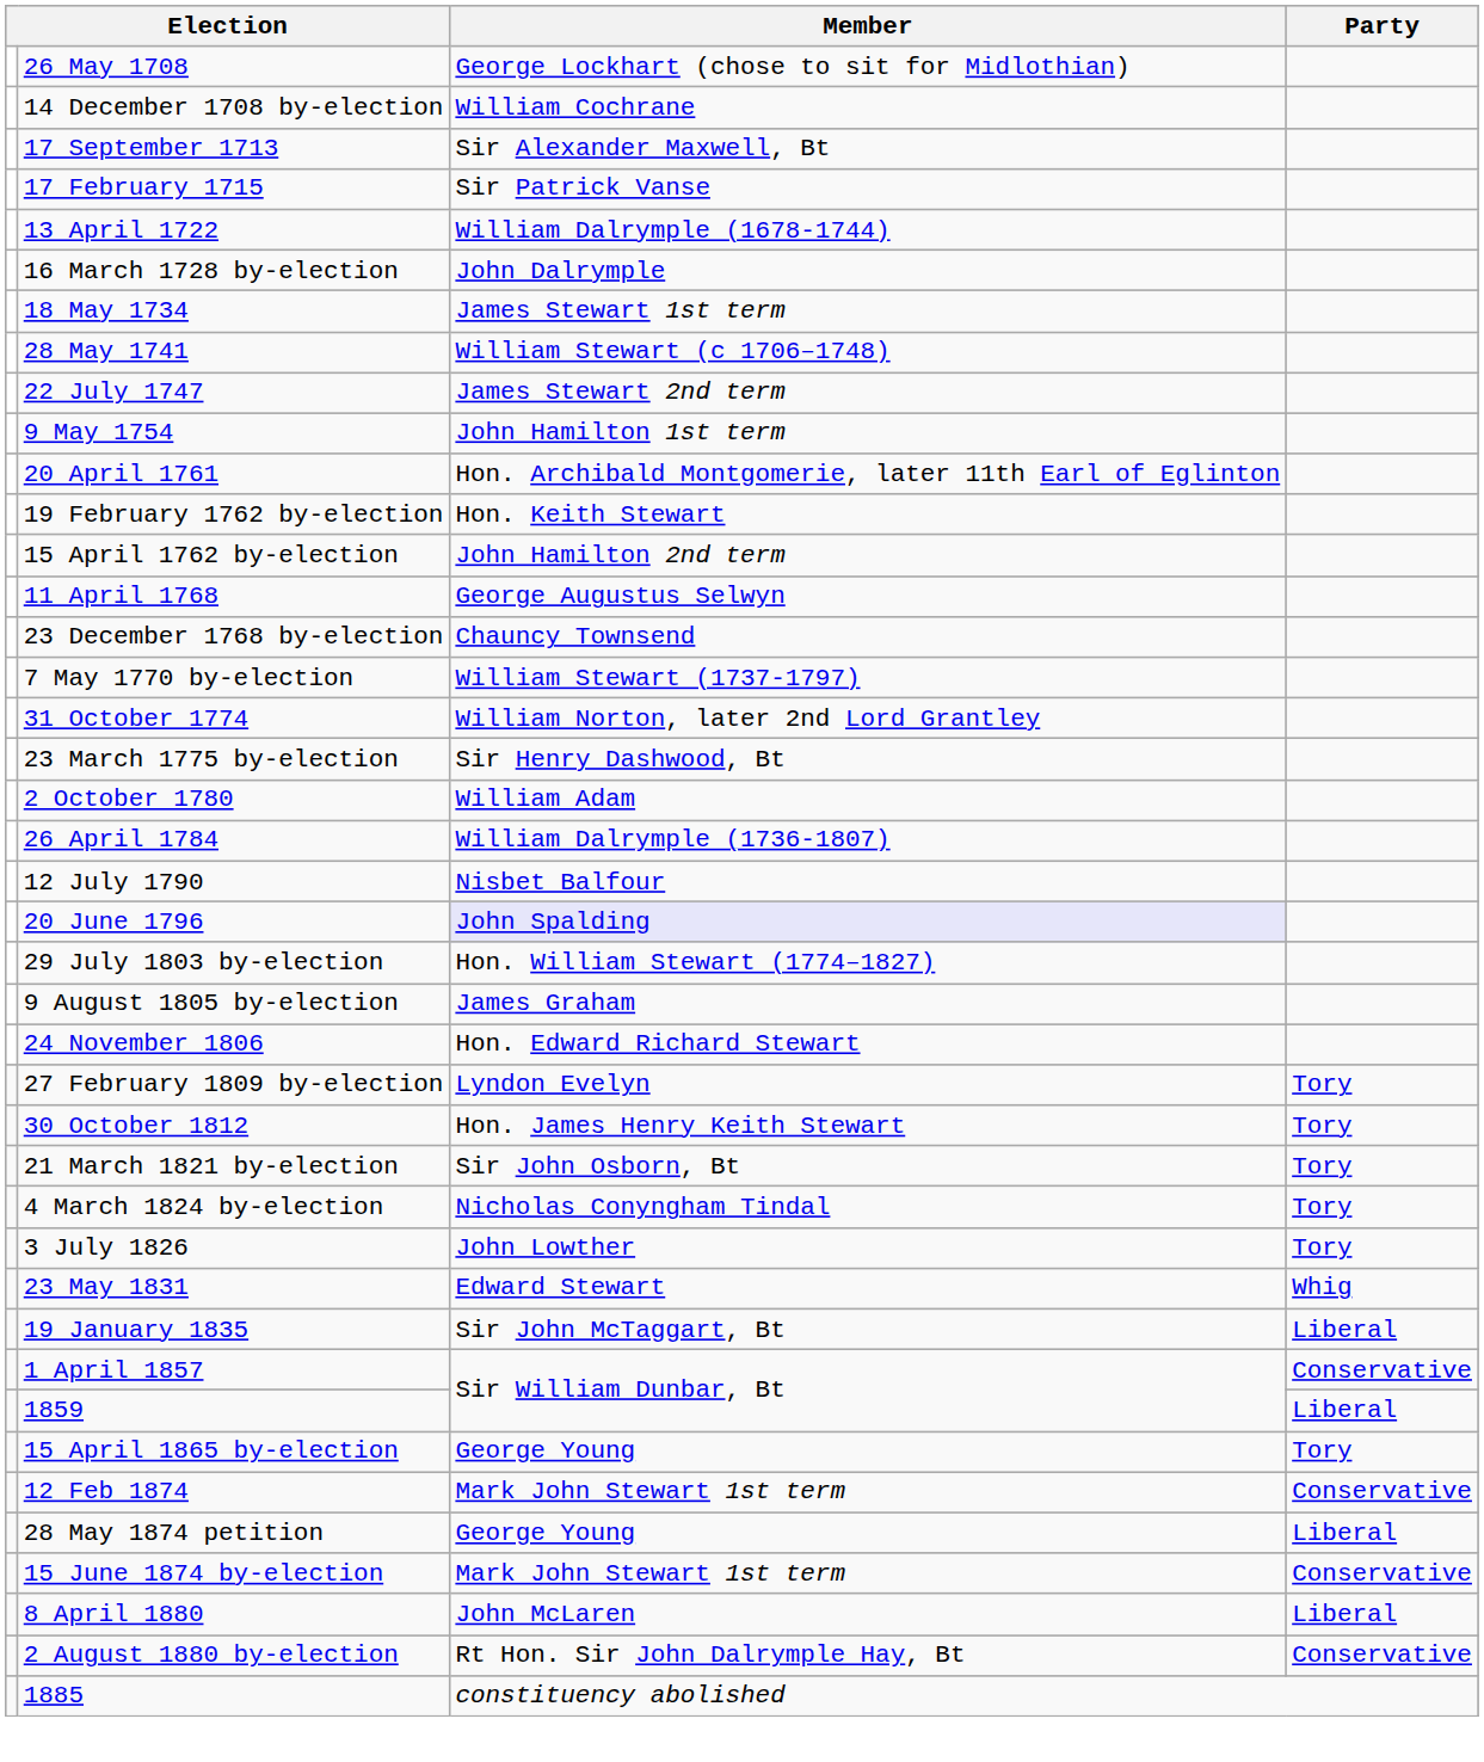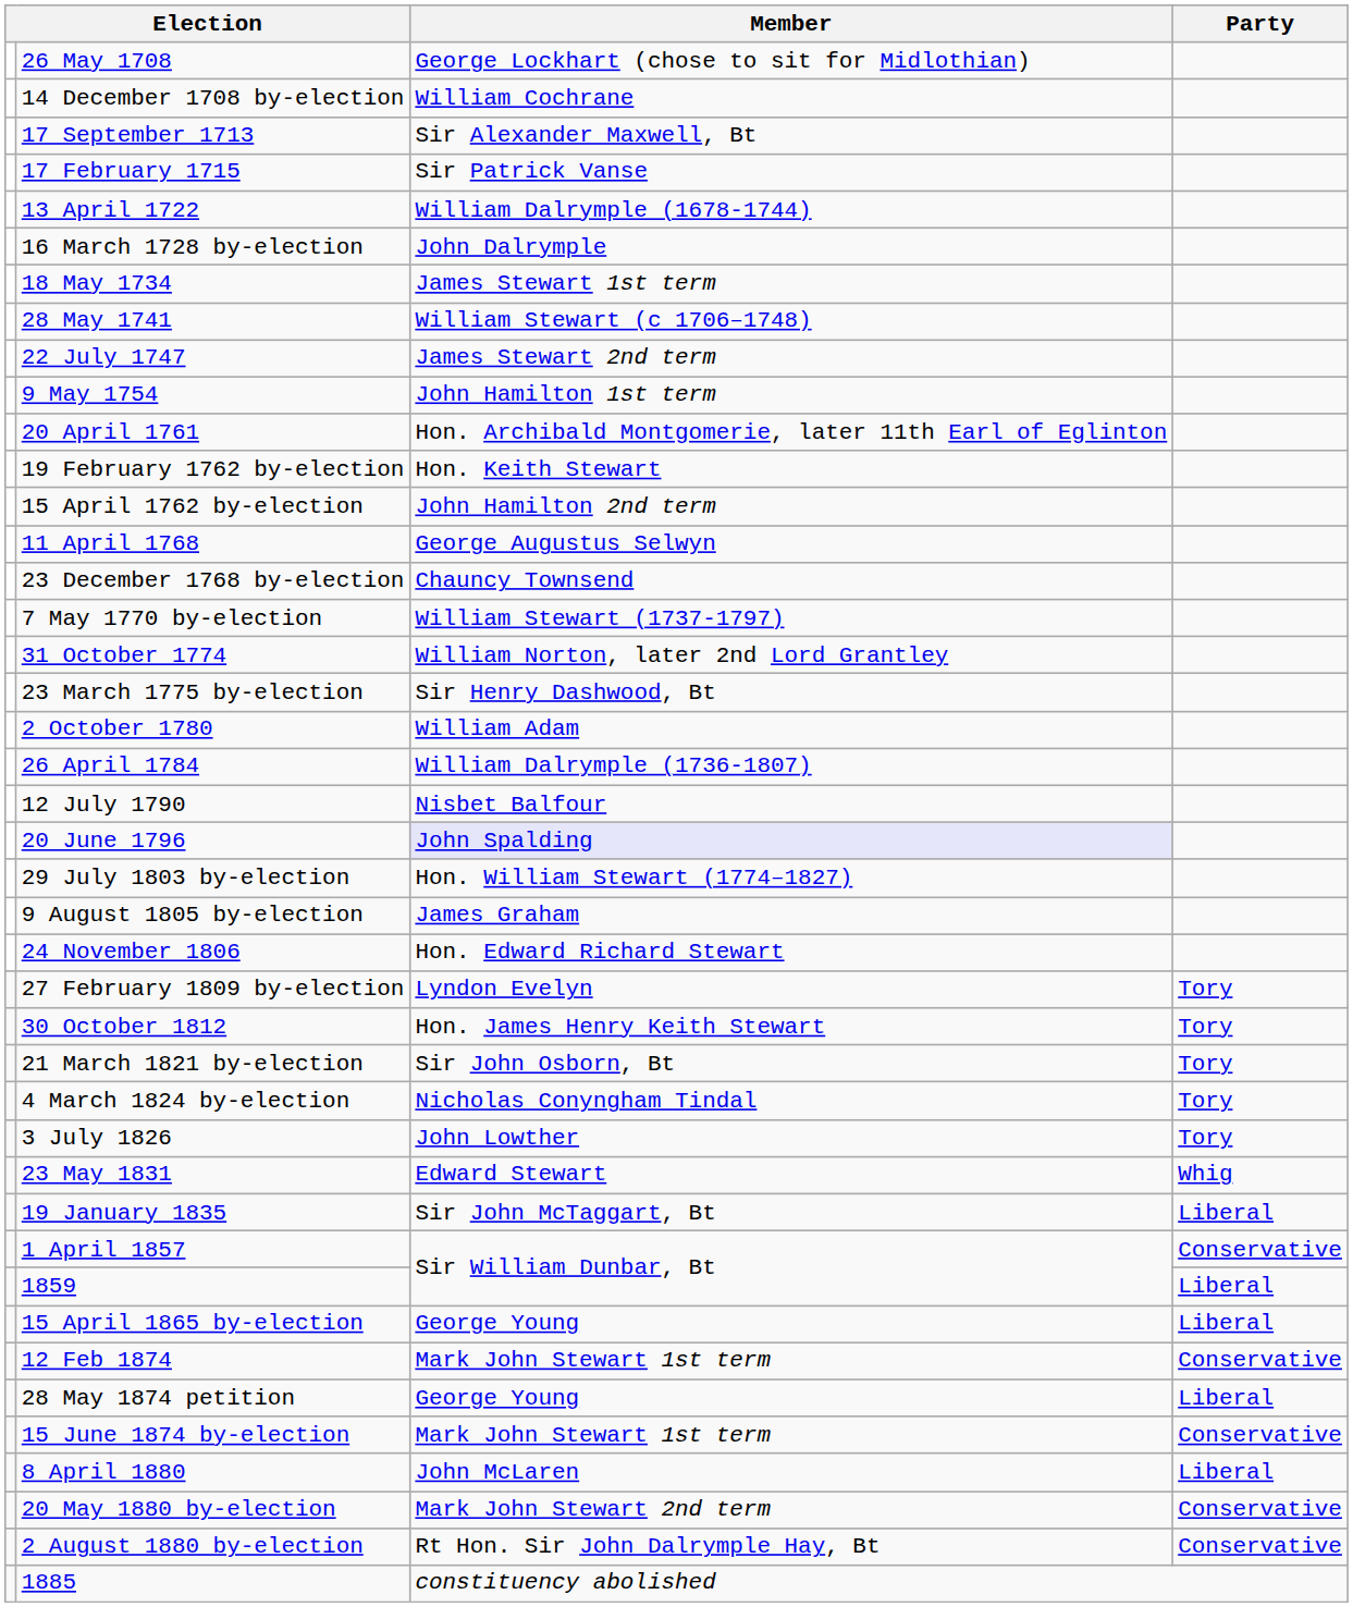 <table class="wikitable">
 <tr>
 <th colspan="2">Election</th>
 <th>Member</th>
 <th>Party</th>
 </tr>
 <tr>
 <td style="color:inherit;background-color: white"></td>
 <td><a href='#'>26 May 1708</a></td>
 <td><a href='#'>George Lockhart</a> (chose to sit for <a href='#'>Midlothian</a>)</td>
 <td></td>
 </tr>
 <tr>
 <td style="color:inherit;background-color: white"></td>
 <td>14 December 1708 by-election</td>
 <td><a href='#'>William Cochrane</a></td>
 <td></td>
 </tr>
 <tr>
 <td style="color:inherit;background-color: white"></td>
 <td><a href='#'>17 September 1713</a></td>
 <td>Sir <a href='#'>Alexander Maxwell</a>, Bt</td>
 <td></td>
 </tr>
 <tr>
 <td style="color:inherit;background-color: white"></td>
 <td><a href='#'>17 February 1715</a></td>
 <td>Sir <a href='#'>Patrick Vanse</a></td>
 <td></td>
 </tr>
 <tr>
 <td style="color:inherit;background-color: white"></td>
 <td><a href='#'>13 April 1722</a></td>
 <td><a href='#'>William Dalrymple (1678-1744)</a></td>
 <td></td>
 </tr>
 <tr>
 <td style="color:inherit;background-color: white"></td>
 <td>16 March 1728 by-election</td>
 <td><a href='#'>John Dalrymple</a></td>
 <td></td>
 </tr>
 <tr>
 <td style="color:inherit;background-color: white"></td>
 <td><a href='#'>18 May 1734</a></td>
 <td><a href='#'>James Stewart</a> <em>1st term</em></td>
 <td></td>
 </tr>
 <tr>
 <td style="color:inherit;background-color: white"></td>
 <td><a href='#'>28 May 1741</a></td>
 <td><a href='#'>William Stewart (c 1706–1748)</a></td>
 <td></td>
 </tr>
 <tr>
 <td style="color:inherit;background-color: white"></td>
 <td><a href='#'>22 July 1747</a></td>
 <td><a href='#'>James Stewart</a> <em>2nd term</em></td>
 <td></td>
 </tr>
 <tr>
 <td style="color:inherit;background-color: white"></td>
 <td><a href='#'>9 May 1754</a></td>
 <td><a href='#'>John Hamilton</a> <em>1st term</em></td>
 <td></td>
 </tr>
 <tr>
 <td style="color:inherit;background-color: white"></td>
 <td><a href='#'>20 April 1761</a></td>
 <td>Hon. <a href='#'>Archibald Montgomerie</a>, later 11th <a href='#'>Earl of Eglinton</a></td>
 <td></td>
 </tr>
 <tr>
 <td style="color:inherit;background-color: white"></td>
 <td>19 February 1762 by-election</td>
 <td>Hon. <a href='#'>Keith Stewart</a></td>
 <td></td>
 </tr>
 <tr>
 <td style="color:inherit;background-color: white"></td>
 <td>15 April 1762 by-election</td>
 <td><a href='#'>John Hamilton</a> <em>2nd term</em></td>
 <td></td>
 </tr>
 <tr>
 <td style="color:inherit;background-color: white"></td>
 <td><a href='#'>11 April 1768</a></td>
 <td><a href='#'>George Augustus Selwyn</a></td>
 <td></td>
 </tr>
 <tr>
 <td style="color:inherit;background-color: white"></td>
 <td>23 December 1768 by-election</td>
 <td><a href='#'>Chauncy Townsend</a></td>
 <td></td>
 </tr>
 <tr>
 <td style="color:inherit;background-color: white"></td>
 <td>7 May 1770 by-election</td>
 <td><a href='#'>William Stewart (1737-1797)</a></td>
 <td></td>
 </tr>
 <tr>
 <td style="color:inherit;background-color: white"></td>
 <td><a href='#'>31 October 1774</a></td>
 <td><a href='#'>William Norton</a>, later 2nd <a href='#'>Lord Grantley</a></td>
 <td></td>
 </tr>
 <tr>
 <td style="color:inherit;background-color: white"></td>
 <td>23 March 1775 by-election</td>
 <td>Sir <a href='#'>Henry Dashwood</a>, Bt</td>
 <td></td>
 </tr>
 <tr>
 <td style="color:inherit;background-color: white"></td>
 <td><a href='#'>2 October 1780</a></td>
 <td><a href='#'>William Adam</a></td>
 <td></td>
 </tr>
 <tr>
 <td style="color:inherit;background-color: white"></td>
 <td><a href='#'>26 April 1784</a></td>
 <td><a href='#'>William Dalrymple (1736-1807)</a></td>
 <td></td>
 </tr>
 <tr>
 <td style="color:inherit;background-color: white"></td>
 <td>12 July 1790</td>
 <td><a href='#'>Nisbet Balfour</a></td>
 <td></td>
 </tr>
 <tr>
 <td style="color:inherit;background-color: white"></td>
 <td><a href='#'>20 June 1796</a></td>
 <td style="background: lavender;"><a href='#'>John Spalding</a></td>
 <td></td>
 </tr>
 <tr>
 <td style="color:inherit;background-color: white"></td>
 <td>29 July 1803 by-election</td>
 <td>Hon. <a href='#'>William Stewart (1774–1827)</a></td>
 <td></td>
 </tr>
 <tr>
 <td style="color:inherit;background-color: white"></td>
 <td>9 August 1805 by-election</td>
 <td><a href='#'>James Graham</a></td>
 <td></td>
 </tr>
 <tr>
 <td style="color:inherit;background-color: white"></td>
 <td><a href='#'>24 November 1806</a></td>
 <td>Hon. <a href='#'>Edward Richard Stewart</a></td>
 <td></td>
 </tr>
 <tr>
 <td style="color:inherit;background-color: "></td>
 <td>27 February 1809 by-election</td>
 <td><a href='#'>Lyndon Evelyn</a></td>
 <td><a href='#'>Tory</a></td>
 </tr>
 <tr>
 <td style="color:inherit;background-color: "></td>
 <td><a href='#'>30 October 1812</a></td>
 <td>Hon. <a href='#'>James Henry Keith Stewart</a></td>
 <td><a href='#'>Tory</a></td>
 </tr>
 <tr>
 <td style="color:inherit;background-color: "></td>
 <td>21 March 1821 by-election</td>
 <td>Sir <a href='#'>John Osborn</a>, Bt</td>
 <td><a href='#'>Tory</a></td>
 </tr>
 <tr>
 <td style="color:inherit;background-color: "></td>
 <td>4 March 1824 by-election</td>
 <td><a href='#'>Nicholas Conyngham Tindal</a></td>
 <td><a href='#'>Tory</a></td>
 </tr>
 <tr>
 <td style="color:inherit;background-color: "></td>
 <td>3 July 1826</td>
 <td><a href='#'>John Lowther</a></td>
 <td><a href='#'>Tory</a></td>
 </tr>
 <tr>
 <td style="color:inherit;background-color: "></td>
 <td><a href='#'>23 May 1831</a></td>
 <td><a href='#'>Edward Stewart</a></td>
 <td><a href='#'>Whig</a></td>
 </tr>
 <tr>
 <td style="color:inherit;background-color: "></td>
 <td><a href='#'>19 January 1835</a></td>
 <td>Sir <a href='#'>John McTaggart</a>, Bt</td>
 <td><a href='#'>Liberal</a></td>
 </tr>
 <tr>
 <td style="color:inherit;background-color: "></td>
 <td><a href='#'>1 April 1857</a></td>
 <td rowspan="2">Sir <a href='#'>William Dunbar</a>, Bt</td>
 <td><a href='#'>Conservative</a></td>
 </tr>
 <tr>
 <td style="color:inherit;background-color: "></td>
 <td><a href='#'>1859</a></td>
 <td><a href='#'>Liberal</a></td>
 </tr>
 <tr>
 <td style="color:inherit;background-color: "></td>
 <td><a href='#'>15 April 1865 by-election</a></td>
 <td><a href='#'>George Young</a></td>
-<td><a href='#'>Tory</a></td>
+<td><a href='#'>Liberal</a></td>
 </tr>
 <tr>
 <td style="color:inherit;background-color: "></td>
 <td><a href='#'>12 Feb 1874</a></td>
 <td><a href='#'>Mark John Stewart</a>  <em>1st term</em></td>
 <td><a href='#'>Conservative</a></td>
 </tr>
 <tr>
 <td style="color:inherit;background-color: "></td>
 <td>28 May 1874 petition</td>
 <td><a href='#'>George Young</a></td>
 <td><a href='#'>Liberal</a></td>
 </tr>
 <tr>
 <td style="color:inherit;background-color: "></td>
 <td><a href='#'>15 June 1874 by-election</a></td>
 <td><a href='#'>Mark John Stewart</a> <em>1st term</em></td>
 <td><a href='#'>Conservative</a></td>
 </tr>
 <tr>
 <td style="color:inherit;background-color: "></td>
 <td><a href='#'>8 April 1880</a></td>
 <td><a href='#'>John McLaren</a></td>
 <td><a href='#'>Liberal</a></td>
 </tr>
 <tr>
 <td style="color:inherit;background-color: "></td>
+<td><a href='#'>20 May 1880 by-election</a></td>
+<td><a href='#'>Mark John Stewart</a> <em>2nd term</em></td>
+<td><a href='#'>Conservative</a></td>
+</tr>
+<tr>
+<td style="color:inherit;background-color: "></td>
 <td><a href='#'>2 August 1880 by-election</a></td>
 <td>Rt Hon. Sir <a href='#'>John Dalrymple Hay</a>, Bt</td>
 <td><a href='#'>Conservative</a></td>
 </tr>
 <tr>
 <td></td>
 <td><a href='#'>1885</a></td>
 <td colspan="2"><em>constituency abolished</em></td>
 </tr>
 </table>
